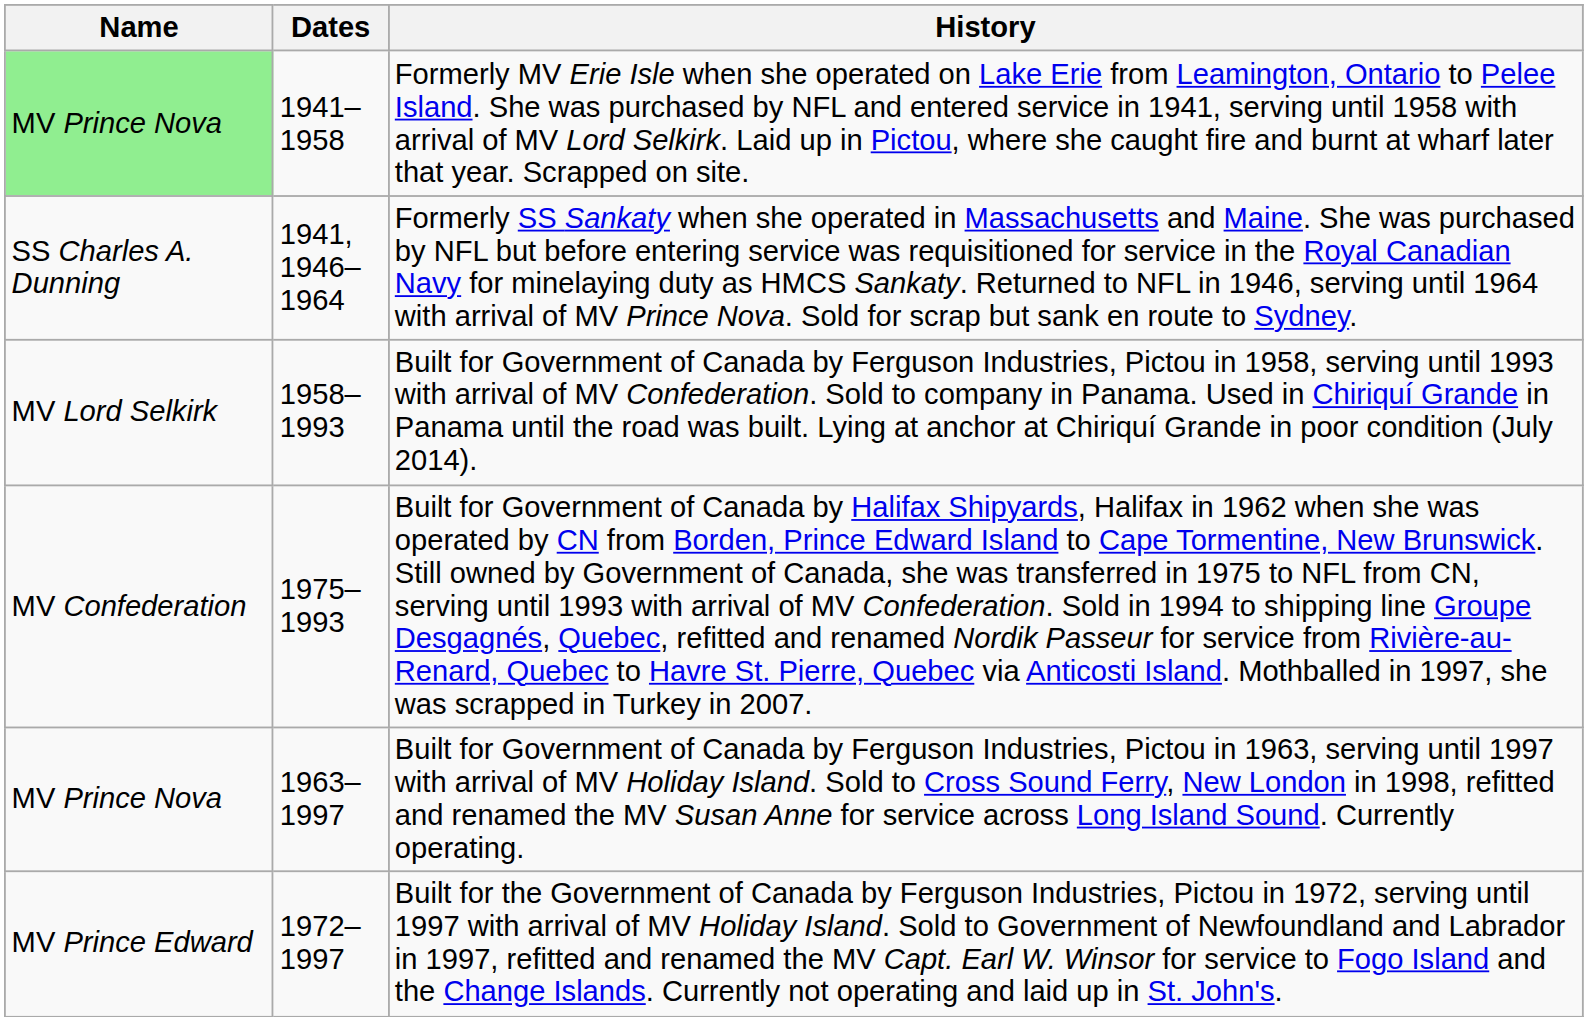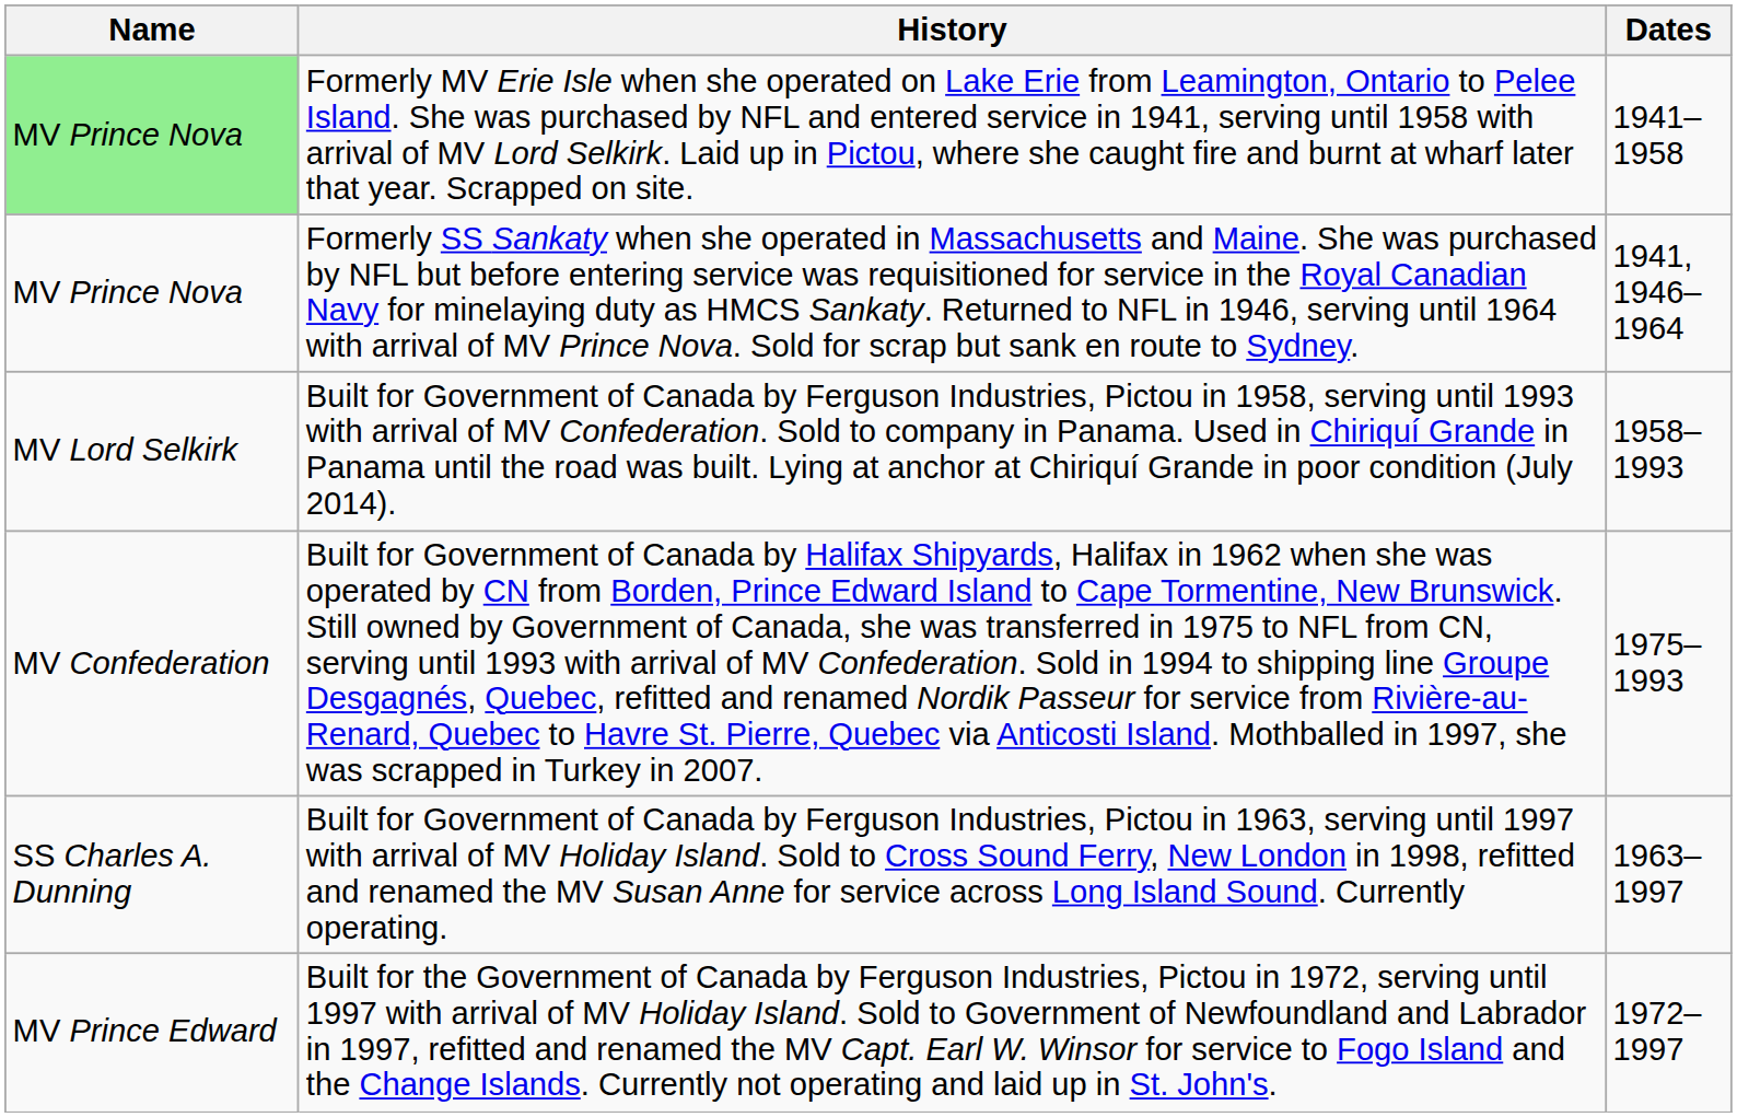 <table class=wikitable>
 <tr>
 <th width=140>Name</th>
+<th>History</th>
 <th>Dates</th>
-<th>History</th>
 </tr>
 <tr>
 <td style="background: lightgreen;">MV <em>Prince Nova</em></td>
+<td>Formerly MV <em>Erie Isle</em> when she operated on <a href='#'>Lake Erie</a> from <a href='#'>Leamington, Ontario</a> to <a href='#'>Pelee Island</a>. She was purchased by NFL and entered service in 1941, serving until 1958 with arrival of MV <em>Lord Selkirk</em>. Laid up in <a href='#'>Pictou</a>, where she caught fire and burnt at wharf later that year. Scrapped on site.</td>
 <td>1941–1958</td>
-<td>Formerly MV <em>Erie Isle</em> when she operated on <a href='#'>Lake Erie</a> from <a href='#'>Leamington, Ontario</a> to <a href='#'>Pelee Island</a>. She was purchased by NFL and entered service in 1941, serving until 1958 with arrival of MV <em>Lord Selkirk</em>. Laid up in <a href='#'>Pictou</a>, where she caught fire and burnt at wharf later that year. Scrapped on site.</td>
+</tr>
+<tr>
+<td>MV <em>Prince Nova</em></td>
+<td>Formerly <a href='#'>SS <em>Sankaty</em></a> when she operated in <a href='#'>Massachusetts</a> and <a href='#'>Maine</a>. She was purchased by NFL but before entering service was requisitioned for service in the <a href='#'>Royal Canadian Navy</a> for minelaying duty as HMCS <em>Sankaty</em>.  Returned to NFL in 1946, serving until 1964 with arrival of MV <em>Prince Nova</em>. Sold for scrap but sank en route to <a href='#'>Sydney</a>.</td>
+<td>1941, 1946–1964</td>
+</tr>
+<tr>
+<td>MV <em>Lord Selkirk</em></td>
+<td>Built for Government of Canada by Ferguson Industries, Pictou in 1958, serving until 1993 with arrival of MV <em>Confederation</em>.  Sold to company in Panama. Used in <a href='#'>Chiriquí Grande</a> in Panama until the road was built. Lying at anchor at Chiriquí Grande in poor condition (July 2014).</td>
+<td>1958–1993</td>
+</tr>
+<tr>
+<td>MV <em>Confederation</em></td>
+<td>Built for Government of Canada by <a href='#'>Halifax Shipyards</a>, Halifax in 1962 when she was operated by <a href='#'>CN</a> from <a href='#'>Borden, Prince Edward Island</a> to <a href='#'>Cape Tormentine, New Brunswick</a>.  Still owned by Government of Canada, she was transferred in 1975 to NFL from CN, serving until 1993 with arrival of MV <em>Confederation</em>.  Sold in 1994 to shipping line <a href='#'>Groupe Desgagnés</a>, <a href='#'>Quebec</a>, refitted and renamed <em>Nordik Passeur</em> for service from <a href='#'>Rivière-au-Renard, Quebec</a> to <a href='#'>Havre St. Pierre, Quebec</a> via <a href='#'>Anticosti Island</a>.  Mothballed in 1997, she was scrapped in Turkey in 2007.</td>
+<td>1975–1993</td>
 </tr>
 <tr>
 <td>SS <em>Charles A. Dunning</em></td>
-<td>1941, 1946–1964</td>
-<td>Formerly <a href='#'>SS <em>Sankaty</em></a> when she operated in <a href='#'>Massachusetts</a> and <a href='#'>Maine</a>. She was purchased by NFL but before entering service was requisitioned for service in the <a href='#'>Royal Canadian Navy</a> for minelaying duty as HMCS <em>Sankaty</em>.  Returned to NFL in 1946, serving until 1964 with arrival of MV <em>Prince Nova</em>. Sold for scrap but sank en route to <a href='#'>Sydney</a>.</td>
-</tr>
-<tr>
-<td>MV <em>Lord Selkirk</em></td>
-<td>1958–1993</td>
-<td>Built for Government of Canada by Ferguson Industries, Pictou in 1958, serving until 1993 with arrival of MV <em>Confederation</em>.  Sold to company in Panama. Used in <a href='#'>Chiriquí Grande</a> in Panama until the road was built. Lying at anchor at Chiriquí Grande in poor condition (July 2014).</td>
-</tr>
-<tr>
-<td>MV <em>Confederation</em></td>
-<td>1975–1993</td>
-<td>Built for Government of Canada by <a href='#'>Halifax Shipyards</a>, Halifax in 1962 when she was operated by <a href='#'>CN</a> from <a href='#'>Borden, Prince Edward Island</a> to <a href='#'>Cape Tormentine, New Brunswick</a>.  Still owned by Government of Canada, she was transferred in 1975 to NFL from CN, serving until 1993 with arrival of MV <em>Confederation</em>.  Sold in 1994 to shipping line <a href='#'>Groupe Desgagnés</a>, <a href='#'>Quebec</a>, refitted and renamed <em>Nordik Passeur</em> for service from <a href='#'>Rivière-au-Renard, Quebec</a> to <a href='#'>Havre St. Pierre, Quebec</a> via <a href='#'>Anticosti Island</a>.  Mothballed in 1997, she was scrapped in Turkey in 2007.</td>
-</tr>
-<tr>
-<td>MV <em>Prince Nova</em></td>
+<td>Built for Government of Canada by Ferguson Industries, Pictou in 1963, serving until 1997 with arrival of MV <em>Holiday Island</em>.  Sold to <a href='#'>Cross Sound Ferry</a>, <a href='#'>New London</a> in 1998, refitted and renamed the MV <em>Susan Anne</em> for service across <a href='#'>Long Island Sound</a>.  Currently operating.</td>
 <td>1963–1997</td>
-<td>Built for Government of Canada by Ferguson Industries, Pictou in 1963, serving until 1997 with arrival of MV <em>Holiday Island</em>.  Sold to <a href='#'>Cross Sound Ferry</a>, <a href='#'>New London</a> in 1998, refitted and renamed the MV <em>Susan Anne</em> for service across <a href='#'>Long Island Sound</a>.  Currently operating.</td>
 </tr>
 <tr>
 <td>MV <em>Prince Edward</em></td>
+<td>Built for the Government of Canada by Ferguson Industries, Pictou in 1972, serving until 1997 with arrival of MV <em>Holiday Island</em>.  Sold to Government of Newfoundland and Labrador in 1997, refitted and renamed the MV <em>Capt. Earl W. Winsor</em> for service to <a href='#'>Fogo Island</a> and the <a href='#'>Change Islands</a>.  Currently not operating and laid up in <a href='#'>St. John's</a>.</td>
 <td>1972–1997</td>
-<td>Built for the Government of Canada by Ferguson Industries, Pictou in 1972, serving until 1997 with arrival of MV <em>Holiday Island</em>.  Sold to Government of Newfoundland and Labrador in 1997, refitted and renamed the MV <em>Capt. Earl W. Winsor</em> for service to <a href='#'>Fogo Island</a> and the <a href='#'>Change Islands</a>.  Currently not operating and laid up in <a href='#'>St. John's</a>.</td>
 </tr>
 </table>
